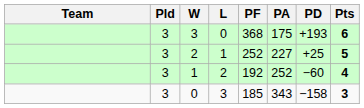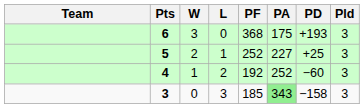 <table class=wikitable style="text-align:center">
 <tr>
 <th width=180>Team</th>
-<th width=30>Pld</th>
+<th width=30>Pts</th>
 <th width=30>W</th>
 <th width=30>L</th>
 <th width=30>PF</th>
 <th width=30>PA</th>
 <th width=30>PD</th>
-<th width=30>Pts</th>
+<th width=30>Pld</th>
 </tr>
 <tr align=center bgcolor="#ccffcc">
 <td align=left></td>
-<td>3</td>
+<td><strong>6</strong></td>
 <td>3</td>
 <td>0</td>
 <td>368</td>
 <td>175</td>
 <td>+193</td>
-<td><strong>6</strong></td>
+<td>3</td>
 </tr>
 <tr align=center bgcolor="#ccffcc">
 <td align=left></td>
-<td>3</td>
+<td><strong>5</strong></td>
 <td>2</td>
 <td>1</td>
 <td>252</td>
 <td>227</td>
 <td>+25</td>
-<td><strong>5</strong></td>
+<td>3</td>
 </tr>
 <tr align=center bgcolor="#ccffcc">
 <td align=left></td>
-<td>3</td>
+<td><strong>4</strong></td>
 <td>1</td>
 <td>2</td>
 <td>192</td>
 <td>252</td>
 <td>−60</td>
-<td><strong>4</strong></td>
+<td>3</td>
 </tr>
 <tr>
 <td align=left></td>
-<td>3</td>
+<td><strong>3</strong></td>
 <td>0</td>
 <td>3</td>
 <td>185</td>
-<td>343</td>
+<td style="background: lightgreen;">343</td>
 <td>−158</td>
-<td><strong>3</strong></td>
+<td>3</td>
 </tr>
 </table>
